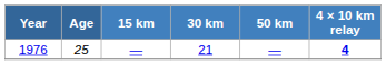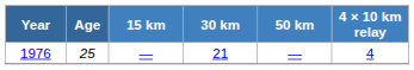 <table class="wikitable" style="font-size:95%; text-align:center; border:grey solid 1px; border-collapse:collapse; background:#ffffff;">
 <tr>
 <th style="background-color:#369; color:white; width:60px;"> Year </th>
 <th style="background-color:#369; color:white; width:40px;"> Age </th>
 <th style="background-color:#4180be; color:white; width:75px;"> 15 km </th>
 <th style="background-color:#4180be; color:white; width:75px;"> 30 km </th>
 <th style="background-color:#4180be; color:white; width:75px;"> 50 km </th>
 <th style="background-color:#4180be; color:white; width:75px;"> 4 × 10 km <br> relay </th>
 </tr>
 <tr>
 <td><a href='#'>1976</a></td>
 <td><em>25</em></td>
 <td><a href='#'>—</a></td>
 <td><a href='#'>21</a></td>
 <td><a href='#'>—</a></td>
-<td><strong><a href='#'>4</a></strong></td>
+<td><a href='#'>4</a></td>
 </tr>
 <tr>
 </tr>
 </table>
